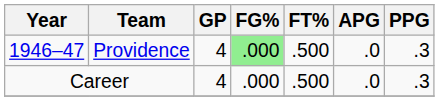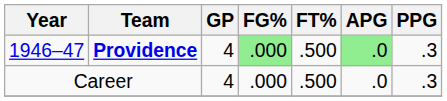 <table class="wikitable sortable" style="font-size:95%; text-align:right;">
 <tr>
 <th>Year</th>
 <th>Team</th>
 <th>GP</th>
 <th>FG%</th>
 <th>FT%</th>
 <th>APG</th>
 <th>PPG</th>
 </tr>
 <tr>
 <td style="text-align:left;"><a href='#'>1946–47</a></td>
-<td style="text-align:left;"><a href='#'>Providence</a></td>
+<td style="text-align:left;"><strong><a href='#'>Providence</a></strong></td>
 <td>4</td>
 <td style="background: lightgreen;">.000</td>
 <td>.500</td>
-<td>.0</td>
+<td style="background: lightgreen;">.0</td>
 <td>.3</td>
 </tr>
 <tr>
 <td style="text-align:center;" colspan="2">Career</td>
 <td>4</td>
 <td>.000</td>
 <td>.500</td>
 <td>.0</td>
 <td>.3</td>
 </tr>
 <tr>
 </tr>
 </table>
